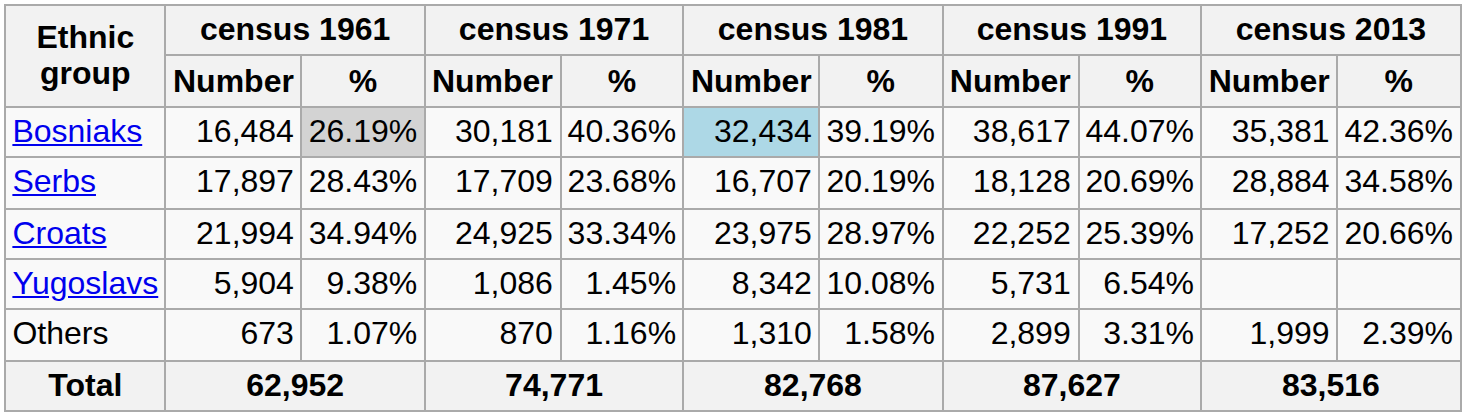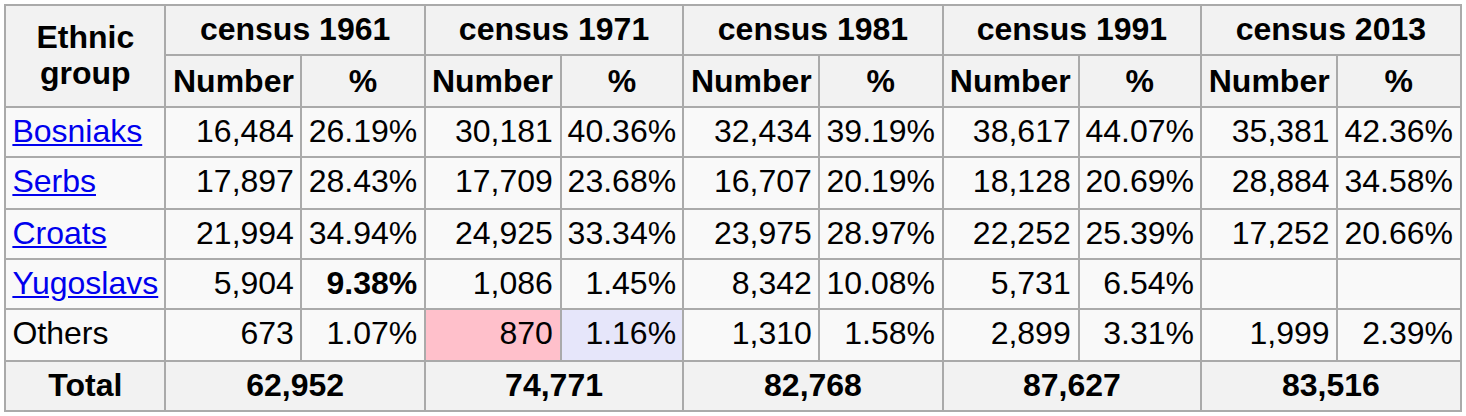 <table class="wikitable">
 <tr>
 <th rowspan="2">Ethnic<br>group</th>
 <th colspan="2">census 1961</th>
 <th colspan="2">census 1971</th>
 <th colspan="2">census 1981</th>
 <th colspan="2">census 1991</th>
 <th colspan="2">census 2013</th>
 </tr>
 <tr>
 <th>Number</th>
 <th>%</th>
 <th>Number</th>
 <th>%</th>
 <th>Number</th>
 <th>%</th>
 <th>Number</th>
 <th>%</th>
 <th>Number</th>
 <th>%</th>
 </tr>
 <tr>
 <td><a href='#'>Bosniaks</a></td>
 <td align="right">16,484</td>
-<td align="right" style="background: lightgrey;">26.19%</td>
+<td align="right">26.19%</td>
 <td align="right">30,181</td>
 <td align="right">40.36%</td>
-<td align="right" style="background: lightblue;">32,434</td>
+<td align="right">32,434</td>
 <td align="right">39.19%</td>
 <td align="right">38,617</td>
 <td align="right">44.07%</td>
 <td align="right">35,381</td>
 <td align="right">42.36%</td>
 </tr>
 <tr>
 <td><a href='#'>Serbs</a></td>
 <td align="right">17,897</td>
 <td align="right">28.43%</td>
 <td align="right">17,709</td>
 <td align="right">23.68%</td>
 <td align="right">16,707</td>
 <td align="right">20.19%</td>
 <td align="right">18,128</td>
 <td align="right">20.69%</td>
 <td align="right">28,884</td>
 <td align="right">34.58%</td>
 </tr>
 <tr>
 <td><a href='#'>Croats</a></td>
 <td align="right">21,994</td>
 <td align="right">34.94%</td>
 <td align="right">24,925</td>
 <td align="right">33.34%</td>
 <td align="right">23,975</td>
 <td align="right">28.97%</td>
 <td align="right">22,252</td>
 <td align="right">25.39%</td>
 <td align="right">17,252</td>
 <td align="right">20.66%</td>
 </tr>
 <tr>
 <td><a href='#'>Yugoslavs</a></td>
 <td align="right">5,904</td>
-<td align="right">9.38%</td>
+<td align="right"><strong>9.38%</strong></td>
 <td align="right">1,086</td>
 <td align="right">1.45%</td>
 <td align="right">8,342</td>
 <td align="right">10.08%</td>
 <td align="right">5,731</td>
 <td align="right">6.54%</td>
 <td align="right"></td>
 <td></td>
 </tr>
 <tr>
 <td>Others</td>
 <td align="right">673</td>
 <td align="right">1.07%</td>
-<td align="right">870</td>
-<td align="right">1.16%</td>
+<td align="right" style="background: pink;">870</td>
+<td align="right" style="background: lavender;">1.16%</td>
 <td align="right">1,310</td>
 <td align="right">1.58%</td>
 <td align="right">2,899</td>
 <td align="right">3.31%</td>
 <td align="right">1,999</td>
 <td align="right">2.39%</td>
 </tr>
 <tr class="sortbottom">
 <th><strong>Total</strong></th>
 <th colspan="2" align="right"><strong>62,952</strong></th>
 <th colspan="2" align="right"><strong>74,771</strong></th>
 <th colspan="2" align="right"><strong>82,768</strong></th>
 <th colspan="2" align="right"><strong>87,627</strong></th>
 <th colspan="2" align="right"><strong>83,516</strong></th>
 </tr>
 </table>
